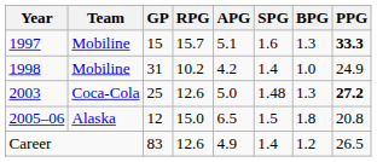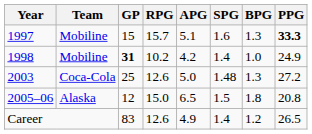 <table class="wikitable sortable">
 <tr>
 <th>Year</th>
 <th>Team</th>
 <th>GP</th>
 <th>RPG</th>
 <th>APG</th>
 <th>SPG</th>
 <th>BPG</th>
 <th>PPG</th>
 </tr>
 <tr>
 <td><a href='#'>1997</a></td>
 <td><a href='#'>Mobiline</a></td>
 <td>15</td>
 <td>15.7</td>
 <td>5.1</td>
 <td>1.6</td>
 <td>1.3</td>
 <td><strong>33.3</strong></td>
 </tr>
 <tr>
 <td><a href='#'>1998</a></td>
 <td><a href='#'>Mobiline</a></td>
-<td>31</td>
+<td><strong>31</strong></td>
 <td>10.2</td>
 <td>4.2</td>
 <td>1.4</td>
 <td>1.0</td>
 <td>24.9</td>
 </tr>
 <tr>
 <td><a href='#'>2003</a></td>
 <td><a href='#'>Coca-Cola</a></td>
 <td>25</td>
 <td>12.6</td>
 <td>5.0</td>
 <td>1.48</td>
 <td>1.3</td>
-<td><strong>27.2</strong></td>
+<td>27.2</td>
 </tr>
 <tr>
 <td><a href='#'>2005–06</a></td>
 <td><a href='#'>Alaska</a></td>
 <td>12</td>
 <td>15.0</td>
 <td>6.5</td>
 <td>1.5</td>
 <td>1.8</td>
 <td>20.8</td>
 </tr>
 <tr>
 <td colspan="2">Career</td>
 <td>83</td>
 <td>12.6</td>
 <td>4.9</td>
 <td>1.4</td>
 <td>1.2</td>
 <td>26.5</td>
 </tr>
 </table>
